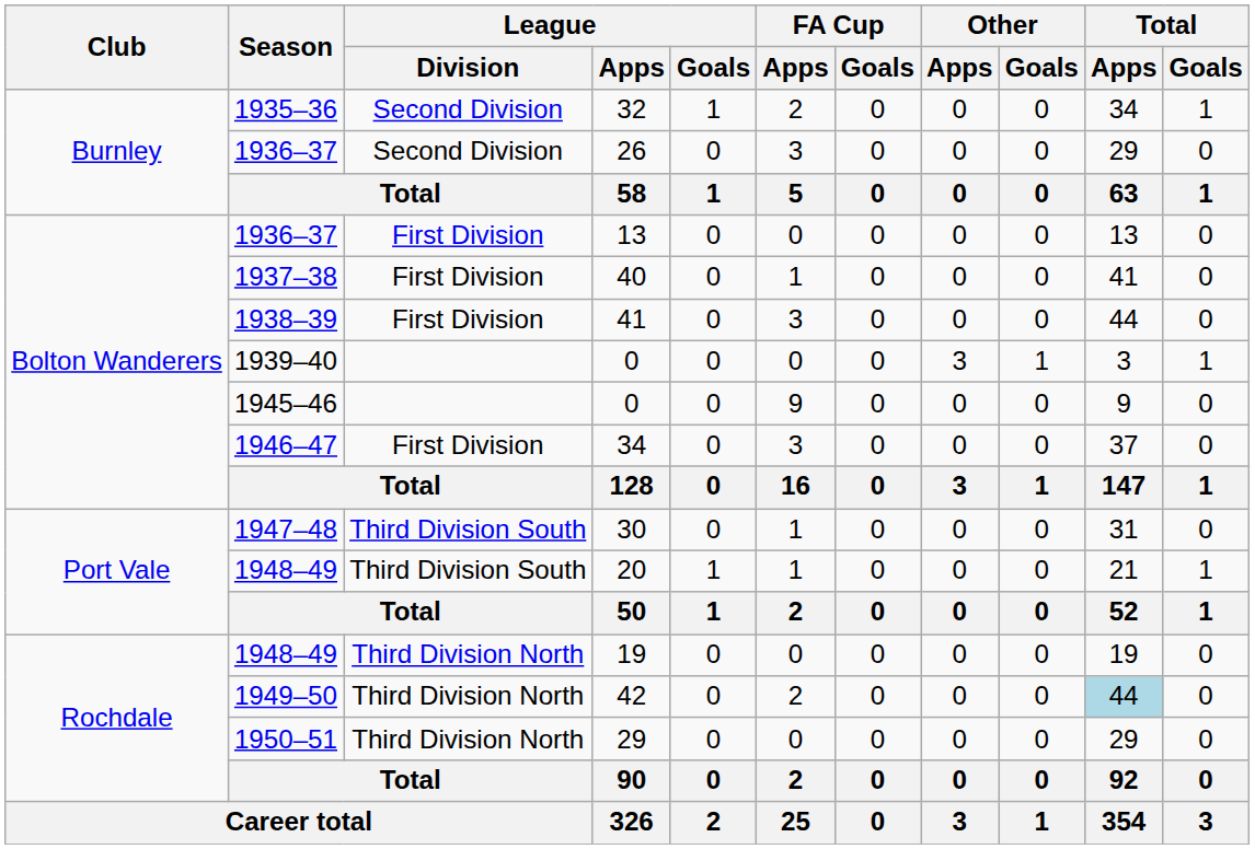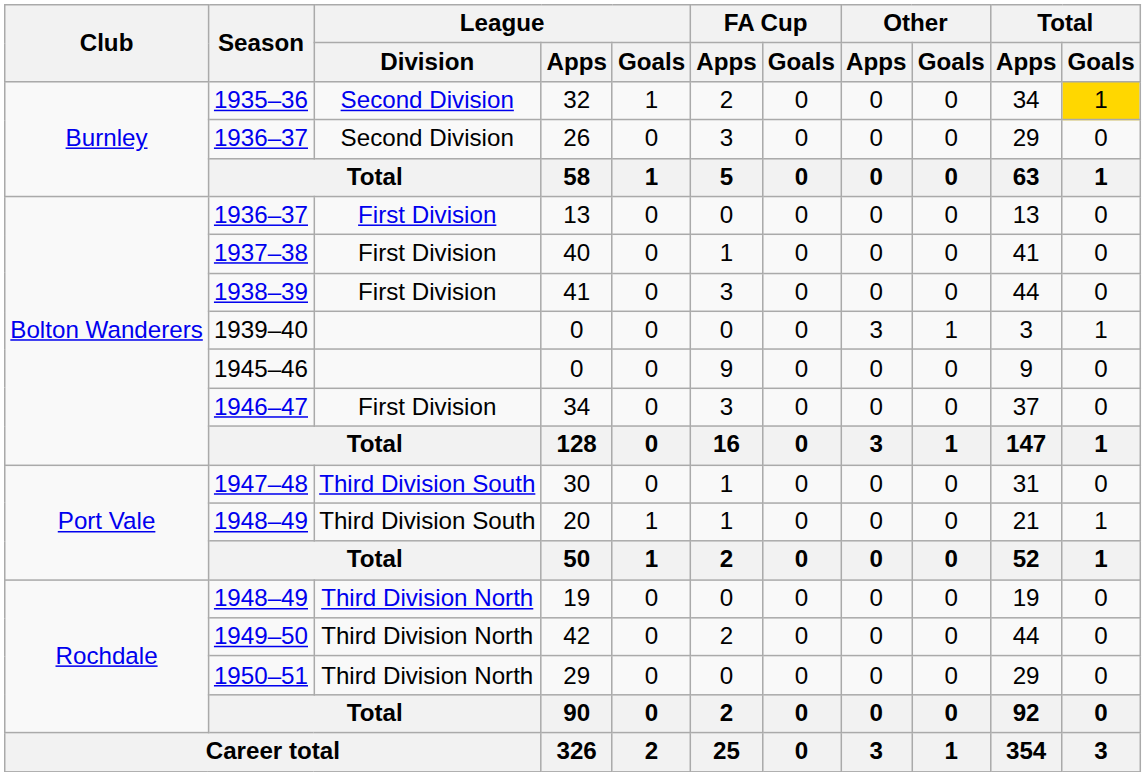 <table class="wikitable" style="text-align: center;">
 <tr>
 <th rowspan="2">Club</th>
 <th rowspan="2">Season</th>
 <th colspan="3">League</th>
 <th colspan="2">FA Cup</th>
 <th colspan="2">Other</th>
 <th colspan="2">Total</th>
 </tr>
 <tr>
 <th>Division</th>
 <th>Apps</th>
 <th>Goals</th>
 <th>Apps</th>
 <th>Goals</th>
 <th>Apps</th>
 <th>Goals</th>
 <th>Apps</th>
 <th>Goals</th>
 </tr>
 <tr>
 <td rowspan="3"><a href='#'>Burnley</a></td>
 <td><a href='#'>1935–36</a></td>
 <td><a href='#'>Second Division</a></td>
 <td>32</td>
 <td>1</td>
 <td>2</td>
 <td>0</td>
 <td>0</td>
 <td>0</td>
 <td>34</td>
-<td>1</td>
+<td style="background: gold;">1</td>
 </tr>
 <tr>
 <td><a href='#'>1936–37</a></td>
 <td>Second Division</td>
 <td>26</td>
 <td>0</td>
 <td>3</td>
 <td>0</td>
 <td>0</td>
 <td>0</td>
 <td>29</td>
 <td>0</td>
 </tr>
 <tr>
 <th colspan="2">Total</th>
 <th>58</th>
 <th>1</th>
 <th>5</th>
 <th>0</th>
 <th>0</th>
 <th>0</th>
 <th>63</th>
 <th>1</th>
 </tr>
 <tr>
 <td rowspan="7"><a href='#'>Bolton Wanderers</a></td>
 <td><a href='#'>1936–37</a></td>
 <td><a href='#'>First Division</a></td>
 <td>13</td>
 <td>0</td>
 <td>0</td>
 <td>0</td>
 <td>0</td>
 <td>0</td>
 <td>13</td>
 <td>0</td>
 </tr>
 <tr>
 <td><a href='#'>1937–38</a></td>
 <td>First Division</td>
 <td>40</td>
 <td>0</td>
 <td>1</td>
 <td>0</td>
 <td>0</td>
 <td>0</td>
 <td>41</td>
 <td>0</td>
 </tr>
 <tr>
 <td><a href='#'>1938–39</a></td>
 <td>First Division</td>
 <td>41</td>
 <td>0</td>
 <td>3</td>
 <td>0</td>
 <td>0</td>
 <td>0</td>
 <td>44</td>
 <td>0</td>
 </tr>
 <tr>
 <td>1939–40</td>
 <td></td>
 <td>0</td>
 <td>0</td>
 <td>0</td>
 <td>0</td>
 <td>3</td>
 <td>1</td>
 <td>3</td>
 <td>1</td>
 </tr>
 <tr>
 <td>1945–46</td>
 <td></td>
 <td>0</td>
 <td>0</td>
 <td>9</td>
 <td>0</td>
 <td>0</td>
 <td>0</td>
 <td>9</td>
 <td>0</td>
 </tr>
 <tr>
 <td><a href='#'>1946–47</a></td>
 <td>First Division</td>
 <td>34</td>
 <td>0</td>
 <td>3</td>
 <td>0</td>
 <td>0</td>
 <td>0</td>
 <td>37</td>
 <td>0</td>
 </tr>
 <tr>
 <th colspan="2">Total</th>
 <th>128</th>
 <th>0</th>
 <th>16</th>
 <th>0</th>
 <th>3</th>
 <th>1</th>
 <th>147</th>
 <th>1</th>
 </tr>
 <tr>
 <td rowspan="3"><a href='#'>Port Vale</a></td>
 <td><a href='#'>1947–48</a></td>
 <td><a href='#'>Third Division South</a></td>
 <td>30</td>
 <td>0</td>
 <td>1</td>
 <td>0</td>
 <td>0</td>
 <td>0</td>
 <td>31</td>
 <td>0</td>
 </tr>
 <tr>
 <td><a href='#'>1948–49</a></td>
 <td>Third Division South</td>
 <td>20</td>
 <td>1</td>
 <td>1</td>
 <td>0</td>
 <td>0</td>
 <td>0</td>
 <td>21</td>
 <td>1</td>
 </tr>
 <tr>
 <th colspan="2">Total</th>
 <th>50</th>
 <th>1</th>
 <th>2</th>
 <th>0</th>
 <th>0</th>
 <th>0</th>
 <th>52</th>
 <th>1</th>
 </tr>
 <tr>
 <td rowspan="4"><a href='#'>Rochdale</a></td>
 <td><a href='#'>1948–49</a></td>
 <td><a href='#'>Third Division North</a></td>
 <td>19</td>
 <td>0</td>
 <td>0</td>
 <td>0</td>
 <td>0</td>
 <td>0</td>
 <td>19</td>
 <td>0</td>
 </tr>
 <tr>
 <td><a href='#'>1949–50</a></td>
 <td>Third Division North</td>
 <td>42</td>
 <td>0</td>
 <td>2</td>
 <td>0</td>
 <td>0</td>
 <td>0</td>
-<td style="background: lightblue;">44</td>
+<td>44</td>
 <td>0</td>
 </tr>
 <tr>
 <td><a href='#'>1950–51</a></td>
 <td>Third Division North</td>
 <td>29</td>
 <td>0</td>
 <td>0</td>
 <td>0</td>
 <td>0</td>
 <td>0</td>
 <td>29</td>
 <td>0</td>
 </tr>
 <tr>
 <th colspan="2">Total</th>
 <th>90</th>
 <th>0</th>
 <th>2</th>
 <th>0</th>
 <th>0</th>
 <th>0</th>
 <th>92</th>
 <th>0</th>
 </tr>
 <tr>
 <th colspan="3">Career total</th>
 <th>326</th>
 <th>2</th>
 <th>25</th>
 <th>0</th>
 <th>3</th>
 <th>1</th>
 <th>354</th>
 <th>3</th>
 </tr>
 </table>
